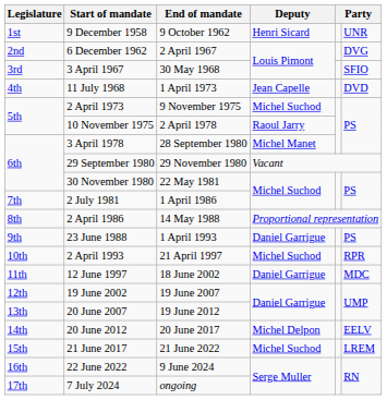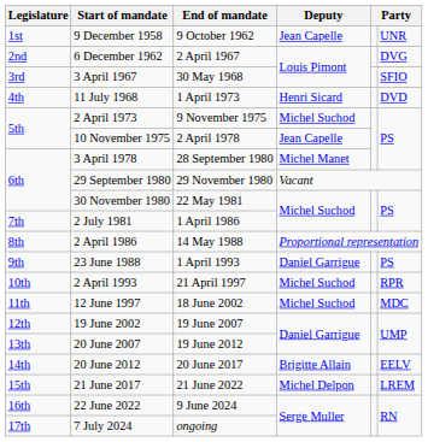 <table class="wikitable" style="font-size:95%;">
 <tr>
 <th>Legislature</th>
 <th>Start of mandate</th>
 <th>End of mandate</th>
 <th>Deputy</th>
 <th colspan="2">Party</th>
 </tr>
 <tr>
 <td><a href='#'>1st</a></td>
 <td>9 December 1958</td>
 <td>9 October 1962</td>
-<td><a href='#'>Henri Sicard</a></td>
+<td><a href='#'>Jean Capelle</a></td>
 <td style="color:inherit;background:"></td>
 <td><a href='#'>UNR</a></td>
 </tr>
 <tr>
 <td><a href='#'>2nd</a></td>
 <td>6 December 1962</td>
 <td>2 April 1967</td>
 <td rowspan="2"><a href='#'>Louis Pimont</a></td>
 <td style="color:inherit;background:"></td>
 <td><a href='#'>DVG</a></td>
 </tr>
 <tr>
 <td><a href='#'>3rd</a></td>
 <td>3 April 1967</td>
 <td>30 May 1968</td>
 <td style="color:inherit;background:"></td>
 <td><a href='#'>SFIO</a></td>
 </tr>
 <tr>
 <td><a href='#'>4th</a></td>
 <td>11 July 1968</td>
 <td>1 April 1973</td>
-<td><a href='#'>Jean Capelle</a></td>
+<td><a href='#'>Henri Sicard</a></td>
 <td style="color:inherit;background:"></td>
 <td><a href='#'>DVD</a></td>
 </tr>
 <tr>
 <td rowspan="2"><a href='#'>5th</a></td>
 <td>2 April 1973</td>
 <td>9 November 1975</td>
 <td><a href='#'>Michel Suchod</a></td>
 <td rowspan="3" style="color:inherit;background:"></td>
 <td rowspan="3"><a href='#'>PS</a></td>
 </tr>
 <tr>
 <td>10 November 1975</td>
 <td>2 April 1978</td>
-<td><a href='#'>Raoul Jarry</a></td>
+<td><a href='#'>Jean Capelle</a></td>
 </tr>
 <tr>
 <td rowspan="3"><a href='#'>6th</a></td>
 <td>3 April 1978</td>
 <td>28 September 1980</td>
 <td><a href='#'>Michel Manet</a></td>
 </tr>
 <tr>
 <td>29 September 1980</td>
 <td>29 November 1980</td>
 <td colspan="3"><em>Vacant</em></td>
 </tr>
 <tr>
 <td>30 November 1980</td>
 <td>22 May 1981</td>
 <td rowspan="2"><a href='#'>Michel Suchod</a></td>
 <td rowspan="2" style="color:inherit;background:"></td>
 <td rowspan="2"><a href='#'>PS</a></td>
 </tr>
 <tr>
 <td><a href='#'>7th</a></td>
 <td>2 July 1981</td>
 <td>1 April 1986</td>
 </tr>
 <tr>
 <td><a href='#'>8th</a></td>
 <td>2 April 1986</td>
 <td>14 May 1988</td>
 <td colspan="3"><em><a href='#'>Proportional representation</a></em></td>
 </tr>
 <tr>
 <td><a href='#'>9th</a></td>
 <td>23 June 1988</td>
 <td>1 April 1993</td>
 <td><a href='#'>Daniel Garrigue</a></td>
 <td style="color:inherit;background:"></td>
 <td><a href='#'>PS</a></td>
 </tr>
 <tr>
 <td><a href='#'>10th</a></td>
 <td>2 April 1993</td>
 <td>21 April 1997</td>
 <td><a href='#'>Michel Suchod</a></td>
 <td style="color:inherit;background:"></td>
 <td><a href='#'>RPR</a></td>
 </tr>
 <tr>
 <td><a href='#'>11th</a></td>
 <td>12 June 1997</td>
 <td>18 June 2002</td>
-<td><a href='#'>Daniel Garrigue</a></td>
+<td><a href='#'>Michel Suchod</a></td>
 <td style="color:inherit;background:"></td>
 <td><a href='#'>MDC</a></td>
 </tr>
 <tr>
 <td><a href='#'>12th</a></td>
 <td>19 June 2002</td>
 <td>19 June 2007</td>
 <td rowspan="2"><a href='#'>Daniel Garrigue</a></td>
 <td rowspan="2" style="color:inherit;background:"></td>
 <td rowspan="2"><a href='#'>UMP</a></td>
 </tr>
 <tr>
 <td><a href='#'>13th</a></td>
 <td>20 June 2007</td>
 <td>19 June 2012</td>
 </tr>
 <tr>
 <td><a href='#'>14th</a></td>
 <td>20 June 2012</td>
 <td>20 June 2017</td>
-<td><a href='#'>Michel Delpon</a></td>
+<td><a href='#'>Brigitte Allain</a></td>
 <td style="color:inherit;background:"></td>
 <td><a href='#'>EELV</a></td>
 </tr>
 <tr>
 <td><a href='#'>15th</a></td>
 <td>21 June 2017</td>
 <td>21 June 2022</td>
-<td><a href='#'>Michel Suchod</a></td>
+<td><a href='#'>Michel Delpon</a></td>
 <td style="color:inherit;background:"></td>
 <td><a href='#'>LREM</a></td>
 </tr>
 <tr>
 <td><a href='#'>16th</a></td>
 <td>22 June 2022</td>
 <td>9 June 2024</td>
 <td rowspan="2"><a href='#'>Serge Muller</a></td>
 <td rowspan="2" style="color:inherit;background:"></td>
 <td rowspan="2"><a href='#'>RN</a></td>
 </tr>
 <tr>
 <td><a href='#'>17th</a></td>
 <td>7 July 2024</td>
 <td><em>ongoing</em></td>
 </tr>
 </table>
